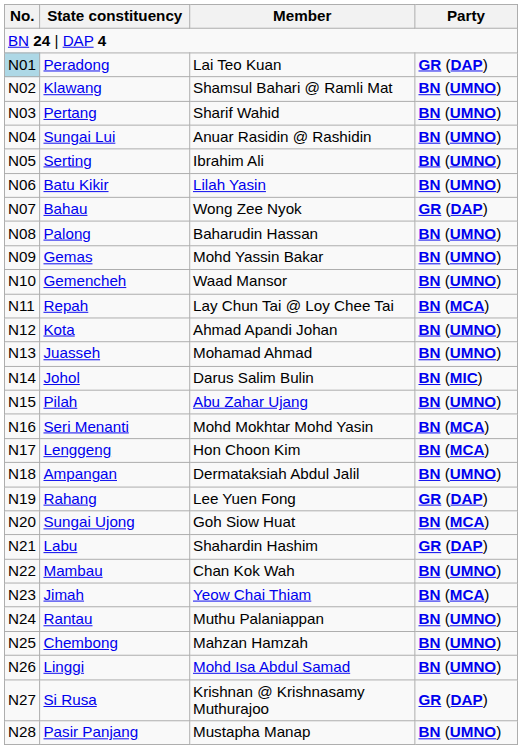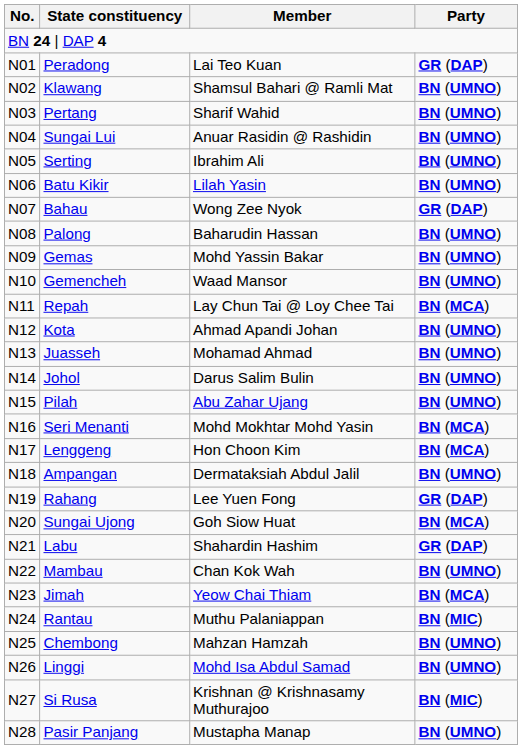 <table class="wikitable sortable">
 <tr>
 <th style="width:30px;">No.</th>
 <th style="width:150px;">State constituency</th>
 <th style="width:230px;">Member</th>
 <th style="width:100px;">Party</th>
 </tr>
 <tr>
 <td colspan="4"><a href='#'>BN</a> <strong>24</strong> | <a href='#'>DAP</a> <strong>4</strong></td>
 </tr>
 <tr>
-<td style="background: lightblue;">N01</td>
+<td>N01</td>
 <td><a href='#'>Peradong</a></td>
 <td>Lai Teo Kuan</td>
 <td><strong><a href='#'>GR</a></strong> (<strong><a href='#'>DAP</a></strong>)</td>
 </tr>
 <tr>
 <td>N02</td>
 <td><a href='#'>Klawang</a></td>
 <td>Shamsul Bahari @ Ramli Mat</td>
 <td><strong><a href='#'>BN</a></strong> (<strong><a href='#'>UMNO</a></strong>)</td>
 </tr>
 <tr>
 <td>N03</td>
 <td><a href='#'>Pertang</a></td>
 <td>Sharif Wahid</td>
 <td><strong><a href='#'>BN</a></strong> (<strong><a href='#'>UMNO</a></strong>)</td>
 </tr>
 <tr>
 <td>N04</td>
 <td><a href='#'>Sungai Lui</a></td>
 <td>Anuar Rasidin @ Rashidin</td>
 <td><strong><a href='#'>BN</a></strong> (<strong><a href='#'>UMNO</a></strong>)</td>
 </tr>
 <tr>
 <td>N05</td>
 <td><a href='#'>Serting</a></td>
 <td>Ibrahim Ali</td>
 <td><strong><a href='#'>BN</a></strong> (<strong><a href='#'>UMNO</a></strong>)</td>
 </tr>
 <tr>
 <td>N06</td>
 <td><a href='#'>Batu Kikir</a></td>
 <td><a href='#'>Lilah Yasin</a></td>
 <td><strong><a href='#'>BN</a></strong> (<strong><a href='#'>UMNO</a></strong>)</td>
 </tr>
 <tr>
 <td>N07</td>
 <td><a href='#'>Bahau</a></td>
 <td>Wong Zee Nyok</td>
 <td><strong><a href='#'>GR</a></strong> (<strong><a href='#'>DAP</a></strong>)</td>
 </tr>
 <tr>
 <td>N08</td>
 <td><a href='#'>Palong</a></td>
 <td>Baharudin Hassan</td>
 <td><strong><a href='#'>BN</a></strong> (<strong><a href='#'>UMNO</a></strong>)</td>
 </tr>
 <tr>
 <td>N09</td>
 <td><a href='#'>Gemas</a></td>
 <td>Mohd Yassin Bakar</td>
 <td><strong><a href='#'>BN</a></strong> (<strong><a href='#'>UMNO</a></strong>)</td>
 </tr>
 <tr>
 <td>N10</td>
 <td><a href='#'>Gemencheh</a></td>
 <td>Waad Mansor</td>
 <td><strong><a href='#'>BN</a></strong> (<strong><a href='#'>UMNO</a></strong>)</td>
 </tr>
 <tr>
 <td>N11</td>
 <td><a href='#'>Repah</a></td>
 <td>Lay Chun Tai @ Loy Chee Tai</td>
 <td><strong><a href='#'>BN</a></strong> (<strong><a href='#'>MCA</a></strong>)</td>
 </tr>
 <tr>
 <td>N12</td>
 <td><a href='#'>Kota</a></td>
 <td>Ahmad Apandi Johan</td>
 <td><strong><a href='#'>BN</a></strong> (<strong><a href='#'>UMNO</a></strong>)</td>
 </tr>
 <tr>
 <td>N13</td>
 <td><a href='#'>Juasseh</a></td>
 <td>Mohamad Ahmad</td>
 <td><strong><a href='#'>BN</a></strong> (<strong><a href='#'>UMNO</a></strong>)</td>
 </tr>
 <tr>
 <td>N14</td>
 <td><a href='#'>Johol</a></td>
 <td>Darus Salim Bulin</td>
-<td><strong><a href='#'>BN</a></strong> (<strong><a href='#'>MIC</a></strong>)</td>
+<td><strong><a href='#'>BN</a></strong> (<strong><a href='#'>UMNO</a></strong>)</td>
 </tr>
 <tr>
 <td>N15</td>
 <td><a href='#'>Pilah</a></td>
 <td><a href='#'>Abu Zahar Ujang</a></td>
 <td><strong><a href='#'>BN</a></strong> (<strong><a href='#'>UMNO</a></strong>)</td>
 </tr>
 <tr>
 <td>N16</td>
 <td><a href='#'>Seri Menanti</a></td>
 <td>Mohd Mokhtar Mohd Yasin</td>
 <td><strong><a href='#'>BN</a></strong> (<strong><a href='#'>MCA</a></strong>)</td>
 </tr>
 <tr>
 <td>N17</td>
 <td><a href='#'>Lenggeng</a></td>
 <td>Hon Choon Kim</td>
 <td><strong><a href='#'>BN</a></strong> (<strong><a href='#'>MCA</a></strong>)</td>
 </tr>
 <tr>
 <td>N18</td>
 <td><a href='#'>Ampangan</a></td>
 <td>Dermataksiah Abdul Jalil</td>
 <td><strong><a href='#'>BN</a></strong> (<strong><a href='#'>UMNO</a></strong>)</td>
 </tr>
 <tr>
 <td>N19</td>
 <td><a href='#'>Rahang</a></td>
 <td>Lee Yuen Fong</td>
 <td><strong><a href='#'>GR</a></strong> (<strong><a href='#'>DAP</a></strong>)</td>
 </tr>
 <tr>
 <td>N20</td>
 <td><a href='#'>Sungai Ujong</a></td>
 <td>Goh Siow Huat</td>
 <td><strong><a href='#'>BN</a></strong> (<strong><a href='#'>MCA</a></strong>)</td>
 </tr>
 <tr>
 <td>N21</td>
 <td><a href='#'>Labu</a></td>
 <td>Shahardin Hashim</td>
 <td><strong><a href='#'>GR</a></strong> (<strong><a href='#'>DAP</a></strong>)</td>
 </tr>
 <tr>
 <td>N22</td>
 <td><a href='#'>Mambau</a></td>
 <td>Chan Kok Wah</td>
 <td><strong><a href='#'>BN</a></strong> (<strong><a href='#'>UMNO</a></strong>)</td>
 </tr>
 <tr>
 <td>N23</td>
 <td><a href='#'>Jimah</a></td>
 <td><a href='#'>Yeow Chai Thiam</a></td>
 <td><strong><a href='#'>BN</a></strong> (<strong><a href='#'>MCA</a></strong>)</td>
 </tr>
 <tr>
 <td>N24</td>
 <td><a href='#'>Rantau</a></td>
 <td>Muthu Palaniappan</td>
-<td><strong><a href='#'>BN</a></strong> (<strong><a href='#'>UMNO</a></strong>)</td>
+<td><strong><a href='#'>BN</a></strong> (<strong><a href='#'>MIC</a></strong>)</td>
 </tr>
 <tr>
 <td>N25</td>
 <td><a href='#'>Chembong</a></td>
 <td>Mahzan Hamzah</td>
 <td><strong><a href='#'>BN</a></strong> (<strong><a href='#'>UMNO</a></strong>)</td>
 </tr>
 <tr>
 <td>N26</td>
 <td><a href='#'>Linggi</a></td>
 <td><a href='#'>Mohd Isa Abdul Samad</a></td>
 <td><strong><a href='#'>BN</a></strong> (<strong><a href='#'>UMNO</a></strong>)</td>
 </tr>
 <tr>
 <td>N27</td>
 <td><a href='#'>Si Rusa</a></td>
 <td>Krishnan @ Krishnasamy Muthurajoo</td>
-<td><strong><a href='#'>GR</a></strong> (<strong><a href='#'>DAP</a></strong>)</td>
+<td><strong><a href='#'>BN</a></strong> (<strong><a href='#'>MIC</a></strong>)</td>
 </tr>
 <tr>
 <td>N28</td>
 <td><a href='#'>Pasir Panjang</a></td>
 <td>Mustapha Manap</td>
 <td><strong><a href='#'>BN</a></strong> (<strong><a href='#'>UMNO</a></strong>)</td>
 </tr>
 </table>
